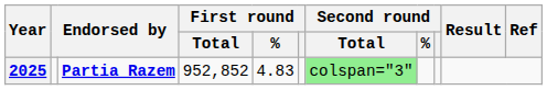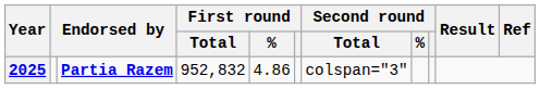 <table class="wikitable" style="font-size: 90%;">
 <tr>
 <th rowspan="2">Year</th>
 <th rowspan="2" colspan="2">Endorsed by</th>
 <th colspan="3">First round</th>
 <th colspan="3">Second round</th>
 <th rowspan="2">Result</th>
 <th rowspan="2">Ref</th>
 </tr>
 <tr>
 <th>Total</th>
 <th>%</th>
 <th></th>
 <th>Total</th>
 <th>%</th>
 <th></th>
 </tr>
 <tr>
 <th><a href='#'>2025</a></th>
 <td></td>
 <td><strong><a href='#'>Partia Razem</a></strong></td>
-<td style="text-align: right;">952,852</td>
-<td style="text-align: right;">4.83</td>
+<td style="text-align: right;">952,832</td>
+<td style="text-align: right;">4.86</td>
 <td></td>
-<td style="background: lightgreen;">colspan="3" </td>
+<td>colspan="3" </td>
 <td></td>
 <td></td>
 </tr>
 </table>
